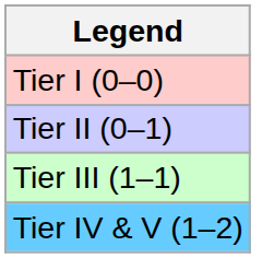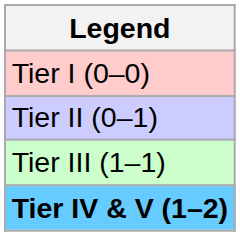 <table class=wikitable style=font-size:90%>
 <tr>
 <th>Legend</th>
 </tr>
 <tr>
 <td bgcolor=#ffcccc>Tier I (0–0)</td>
 </tr>
 <tr>
 <td bgcolor=#ccccff>Tier II (0–1)</td>
 </tr>
 <tr>
 <td bgcolor=#CCFFCC>Tier III (1–1)</td>
 </tr>
 <tr>
-<td bgcolor=#66CCFF>Tier IV & V (1–2)</td>
+<td bgcolor=#66CCFF><strong>Tier IV & V (1–2)</strong></td>
 </tr>
 </table>
